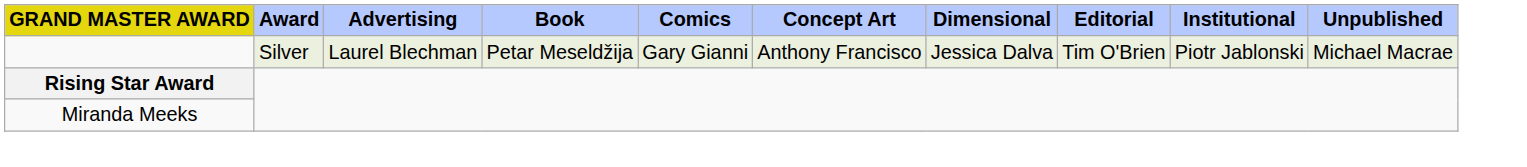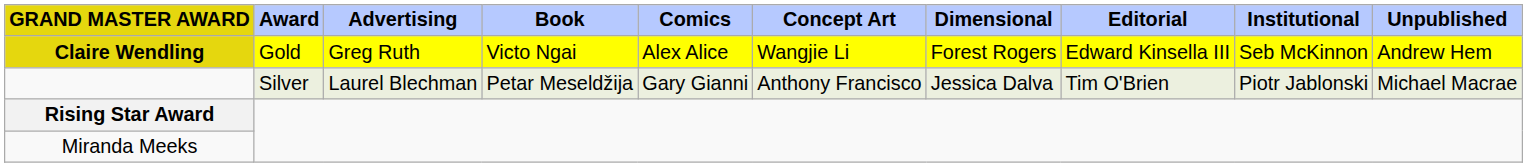 <table class="wikitable">
 <tr>
 <th style="background:#e5d70e">GRAND MASTER AWARD</th>
 <th style="background:#b6c9ff">Award</th>
 <th style="background:#b6c9ff">Advertising</th>
 <th style="background:#b6c9ff">Book</th>
 <th style="background:#b6c9ff">Comics</th>
 <th style="background:#b6c9ff">Concept Art</th>
 <th style="background:#b6c9ff">Dimensional</th>
 <th style="background:#b6c9ff">Editorial</th>
 <th style="background:#b6c9ff">Institutional</th>
 <th style="background:#b6c9ff">Unpublished</th>
+</tr>
+<tr>
+<td style="background:#e5d70e" align="center"><strong>Claire Wendling</strong></td>
+<td style="background:#ffff00">Gold</td>
+<td style="background:#ffff00">Greg Ruth</td>
+<td style="background:#ffff00">Victo Ngai</td>
+<td style="background:#ffff00">Alex Alice</td>
+<td style="background:#ffff00">Wangjie Li</td>
+<td style="background:#ffff00">Forest Rogers</td>
+<td style="background:#ffff00">Edward Kinsella III</td>
+<td style="background:#ffff00">Seb McKinnon</td>
+<td style="background:#ffff00">Andrew Hem</td>
 </tr>
 <tr>
 <td></td>
 <td style="background:#ecf0df">Silver</td>
 <td style="background:#ecf0df">Laurel Blechman</td>
 <td style="background:#ecf0df">Petar Meseldžija</td>
 <td style="background:#ecf0df">Gary Gianni</td>
 <td style="background:#ecf0df">Anthony Francisco</td>
 <td style="background:#ecf0df">Jessica Dalva</td>
 <td style="background:#ecf0df">Tim O'Brien</td>
 <td style="background:#ecf0df">Piotr Jablonski</td>
 <td style="background:#ecf0df">Michael Macrae</td>
 </tr>
 <tr>
 <th>Rising Star Award</th>
 </tr>
 <tr>
 <td align="center">Miranda Meeks</td>
 </tr>
 </table>
